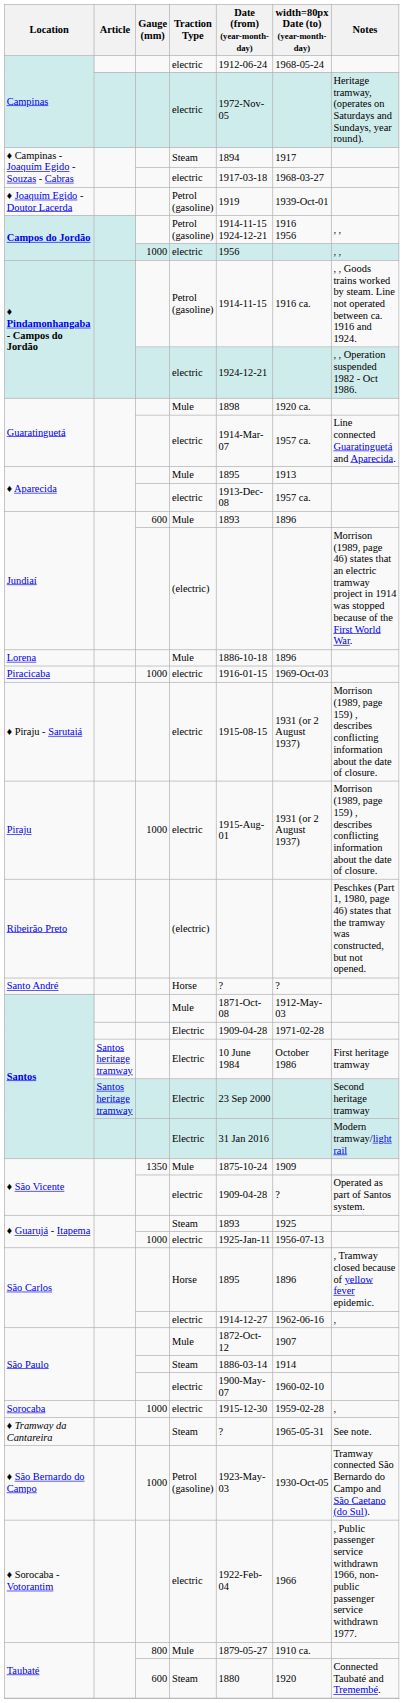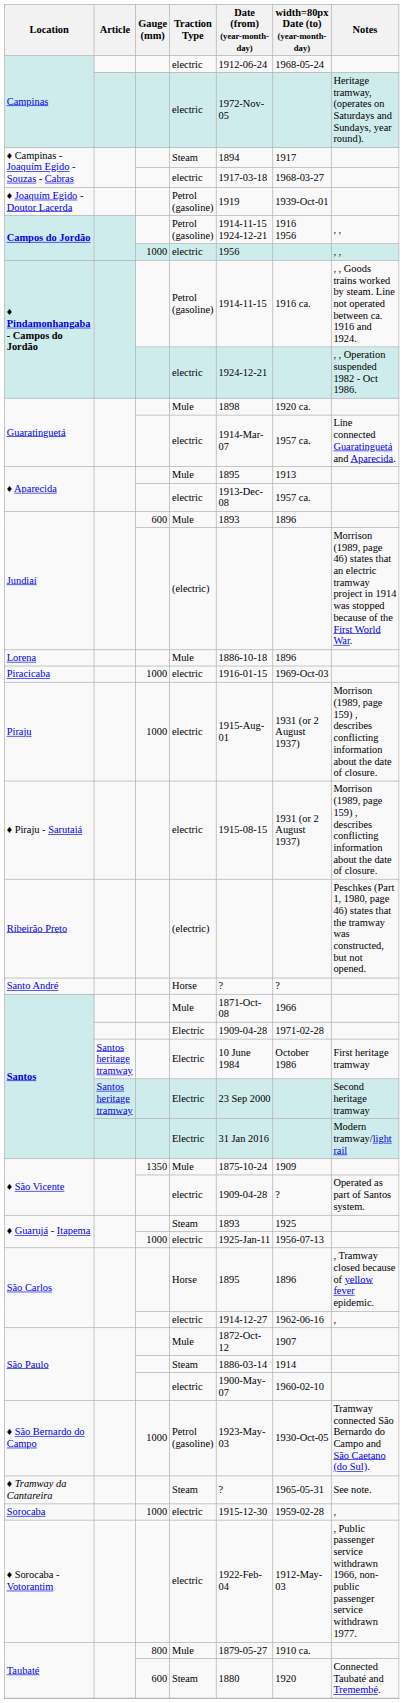 <table class="wikitable sortable">
 <tr>
 <th>Location</th>
 <th>Article</th>
 <th>Gauge<br> (mm)</th>
 <th>Traction<br>Type</th>
 <th width=80px>Date (from)<br><small>(year-month-day)</small></th>
 <th>width=80px Date (to)<br><small>(year-month-day)</small></th>
 <th>Notes</th>
 </tr>
 <tr>
 <td rowspan="2" style="background:#CFECEC"><a href='#'>Campinas</a></td>
 <td rowspan=1> </td>
 <td align=right></td>
 <td>electric</td>
 <td>1912-06-24<br></td>
 <td>1968-05-24<br></td>
 <td></td>
 </tr>
 <tr>
 <td style="background:#CFECEC"></td>
 <td style="background:#CFECEC" align=right></td>
 <td style="background:#CFECEC">electric</td>
 <td style="background:#CFECEC">1972-Nov-05</td>
 <td style="background:#CFECEC"></td>
 <td style="background:#CFECEC">Heritage tramway, (operates on Saturdays and Sundays, year round).</td>
 </tr>
 <tr>
 <td rowspan="2">♦ Campinas - <a href='#'>Joaquím Egido</a> - <a href='#'>Souzas</a> - <a href='#'>Cabras</a></td>
 <td rowspan="2"> </td>
 <td align=right></td>
 <td>Steam</td>
 <td>1894</td>
 <td>1917</td>
 <td></td>
 </tr>
 <tr>
 <td align=right></td>
 <td>electric</td>
 <td>1917-03-18</td>
 <td>1968-03-27</td>
 <td></td>
 </tr>
 <tr>
 <td>♦ <a href='#'>Joaquím Egido</a> - <a href='#'>Doutor Lacerda</a></td>
 <td> </td>
 <td align=right></td>
 <td>Petrol (gasoline)</td>
 <td>1919</td>
 <td>1939-Oct-01</td>
 <td></td>
 </tr>
 <tr>
 <td rowspan="2" style="background:#CFECEC"><strong><a href='#'>Campos do Jordão</a></strong></td>
 <td rowspan="2" style="background:#CFECEC"> </td>
 <td align=right></td>
 <td>Petrol (gasoline)</td>
 <td>1914-11-15<br>1924-12-21</td>
 <td>1916<br>1956</td>
 <td>, , </td>
 </tr>
 <tr style="background:#CFECEC">
 <td align=right>1000</td>
 <td>electric</td>
 <td>1956</td>
 <td> </td>
 <td>, , </td>
 </tr>
 <tr>
 <td rowspan="2" style="background:#CFECEC">♦ <strong><a href='#'>Pindamonhangaba</a> - Campos do Jordão</strong></td>
 <td rowspan="2" style="background:#CFECEC"> </td>
 <td align=right></td>
 <td>Petrol (gasoline)</td>
 <td>1914-11-15</td>
 <td>1916 ca.</td>
 <td>, ,  Goods trains worked by steam. Line not operated between ca. 1916 and 1924.</td>
 </tr>
 <tr style="background:#CFECEC">
 <td align=right></td>
 <td>electric</td>
 <td>1924-12-21</td>
 <td> </td>
 <td>, ,  Operation suspended 1982 - Oct 1986.</td>
 </tr>
 <tr>
 <td rowspan="2"><a href='#'>Guaratinguetá</a></td>
 <td rowspan="2"> </td>
 <td align=right></td>
 <td>Mule</td>
 <td>1898</td>
 <td>1920 ca.</td>
 <td></td>
 </tr>
 <tr>
 <td align=right></td>
 <td>electric</td>
 <td>1914-Mar-07</td>
 <td>1957 ca.</td>
 <td> Line connected <a href='#'>Guaratinguetá</a> and <a href='#'>Aparecida</a>.</td>
 </tr>
 <tr>
 <td rowspan="2">♦ <a href='#'>Aparecida</a></td>
 <td rowspan="2"> </td>
 <td align=right></td>
 <td>Mule</td>
 <td>1895</td>
 <td>1913</td>
 <td></td>
 </tr>
 <tr>
 <td align=right></td>
 <td>electric</td>
 <td>1913-Dec-08</td>
 <td>1957 ca.</td>
 <td></td>
 </tr>
 <tr>
 <td rowspan="2"><a href='#'>Jundiaí</a></td>
 <td rowspan="2"> </td>
 <td align=right>600</td>
 <td>Mule</td>
 <td>1893</td>
 <td>1896</td>
 <td></td>
 </tr>
 <tr>
 <td align=right></td>
 <td>(electric)</td>
 <td> </td>
 <td> </td>
 <td>Morrison (1989, page 46)  states that an electric tramway project in 1914 was stopped because of the <a href='#'>First World War</a>.</td>
 </tr>
 <tr>
 <td><a href='#'>Lorena</a></td>
 <td> </td>
 <td align=right></td>
 <td>Mule</td>
 <td>1886-10-18</td>
 <td>1896</td>
 <td></td>
 </tr>
 <tr>
 <td><a href='#'>Piracicaba</a></td>
 <td> </td>
 <td align=right>1000</td>
 <td>electric</td>
 <td>1916-01-15</td>
 <td>1969-Oct-03</td>
 <td></td>
 </tr>
 <tr>
+<td><a href='#'>Piraju</a></td>
+<td> </td>
+<td align=right>1000</td>
+<td>electric</td>
+<td>1915-Aug-01</td>
+<td>1931 (or 2 August 1937)</td>
+<td>Morrison (1989, page 159) ,  describes conflicting information about the date of closure.</td>
+</tr>
+<tr>
 <td>♦ Piraju - <a href='#'>Sarutaiá</a></td>
 <td> </td>
 <td align=right></td>
 <td>electric</td>
 <td>1915-08-15</td>
-<td>1931 (or 2 August 1937)</td>
-<td>Morrison (1989, page 159) ,  describes conflicting information about the date of closure.</td>
-</tr>
-<tr>
-<td><a href='#'>Piraju</a></td>
-<td> </td>
-<td align=right>1000</td>
-<td>electric</td>
-<td>1915-Aug-01</td>
 <td>1931 (or 2 August 1937)</td>
 <td>Morrison (1989, page 159) ,  describes conflicting information about the date of closure.</td>
 </tr>
 <tr>
 <td><a href='#'>Ribeirão Preto</a></td>
 <td> </td>
 <td align=right></td>
 <td>(electric)</td>
 <td> </td>
 <td> </td>
 <td>Peschkes (Part 1, 1980, page 46) states that the tramway was constructed, but not opened.</td>
 </tr>
 <tr>
 <td><a href='#'>Santo André</a></td>
 <td> </td>
 <td align=right></td>
 <td>Horse</td>
 <td>?</td>
 <td>?</td>
 <td> </td>
 </tr>
 <tr>
 <td rowspan="5" style="background:#CFECEC"><strong><a href='#'>Santos</a></strong></td>
 <td> </td>
 <td align=right></td>
 <td>Mule</td>
 <td>1871-Oct-08</td>
-<td>1912-May-03</td>
+<td>1966</td>
 <td> </td>
 </tr>
 <tr>
 <td></td>
 <td align=right></td>
 <td>Electric</td>
 <td>1909-04-28</td>
 <td>1971-02-28</td>
 <td> </td>
 </tr>
 <tr>
 <td><a href='#'>Santos heritage tramway</a></td>
 <td align=right></td>
 <td>Electric</td>
 <td>10 June 1984</td>
 <td>October 1986</td>
 <td>First heritage tramway</td>
 </tr>
 <tr style="background:#CFECEC">
 <td><a href='#'>Santos heritage tramway</a></td>
 <td align=right></td>
 <td>Electric</td>
 <td>23 Sep 2000</td>
 <td></td>
 <td>Second heritage tramway</td>
 </tr>
 <tr style="background:#CFECEC">
 <td></td>
 <td align=right></td>
 <td>Electric</td>
 <td>31 Jan 2016</td>
 <td></td>
 <td>Modern tramway/<a href='#'>light rail</a></td>
 </tr>
 <tr>
 <td rowspan="2">♦ <a href='#'>São Vicente</a></td>
 <td rowspan="2"> </td>
 <td align=right>1350</td>
 <td>Mule</td>
 <td>1875-10-24</td>
 <td>1909</td>
 <td></td>
 </tr>
 <tr>
 <td align=right></td>
 <td>electric</td>
 <td>1909-04-28</td>
 <td>?</td>
 <td> Operated as part of Santos system.</td>
 </tr>
 <tr>
 <td rowspan="2">♦ <a href='#'>Guarujá</a> - <a href='#'>Itapema</a></td>
 <td rowspan="2"> </td>
 <td align=right></td>
 <td>Steam</td>
 <td>1893</td>
 <td>1925</td>
 <td></td>
 </tr>
 <tr>
 <td align=right>1000</td>
 <td>electric</td>
 <td>1925-Jan-11</td>
 <td>1956-07-13</td>
 <td></td>
 </tr>
 <tr>
 <td rowspan="2"><a href='#'>São Carlos</a></td>
 <td rowspan="2"> </td>
 <td align=right></td>
 <td>Horse</td>
 <td>1895</td>
 <td>1896</td>
 <td>,  Tramway closed because of <a href='#'>yellow fever</a> epidemic.</td>
 </tr>
 <tr>
 <td align=right></td>
 <td>electric</td>
 <td>1914-12-27</td>
 <td>1962-06-16</td>
 <td>, </td>
 </tr>
 <tr>
 <td rowspan="3"><a href='#'>São Paulo</a></td>
 <td rowspan="3"> </td>
 <td align=right></td>
 <td>Mule</td>
 <td>1872-Oct-12</td>
 <td>1907</td>
 <td></td>
 </tr>
 <tr>
 <td align=right></td>
 <td>Steam</td>
 <td>1886-03-14</td>
 <td>1914</td>
 <td></td>
 </tr>
 <tr>
 <td align=right></td>
 <td>electric</td>
 <td>1900-May-07</td>
 <td>1960-02-10</td>
 <td></td>
 </tr>
 <tr>
-<td><a href='#'>Sorocaba</a></td>
+<td>♦ <a href='#'>São Bernardo do Campo</a></td>
 <td> </td>
 <td align=right>1000</td>
-<td>electric</td>
-<td>1915-12-30</td>
-<td>1959-02-28</td>
-<td>, </td>
+<td>Petrol (gasoline)</td>
+<td>1923-May-03</td>
+<td>1930-Oct-05</td>
+<td> Tramway connected São Bernardo do Campo and <a href='#'>São Caetano (do Sul)</a>.</td>
 </tr>
 <tr>
 <td>♦ <em>Tramway da Cantareira</em></td>
 <td> </td>
 <td align=right></td>
 <td>Steam</td>
 <td>?</td>
 <td>1965-05-31</td>
 <td> See note.</td>
 </tr>
 <tr>
-<td>♦ <a href='#'>São Bernardo do Campo</a></td>
+<td><a href='#'>Sorocaba</a></td>
 <td> </td>
 <td align=right>1000</td>
-<td>Petrol (gasoline)</td>
-<td>1923-May-03</td>
-<td>1930-Oct-05</td>
-<td> Tramway connected São Bernardo do Campo and <a href='#'>São Caetano (do Sul)</a>.</td>
+<td>electric</td>
+<td>1915-12-30</td>
+<td>1959-02-28</td>
+<td>, </td>
 </tr>
 <tr>
 <td>♦ Sorocaba - <a href='#'>Votorantim</a></td>
 <td> </td>
 <td align=right></td>
 <td>electric</td>
 <td>1922-Feb-04</td>
-<td>1966</td>
+<td>1912-May-03</td>
 <td>,  Public passenger service withdrawn 1966, non-public passenger service withdrawn 1977.</td>
 </tr>
 <tr>
 <td rowspan="2"><a href='#'>Taubaté</a></td>
 <td rowspan="2"> </td>
 <td align=right>800</td>
 <td>Mule</td>
 <td>1879-05-27</td>
 <td>1910 ca.</td>
 <td></td>
 </tr>
 <tr>
 <td align=right>600</td>
 <td>Steam</td>
 <td>1880</td>
 <td>1920</td>
 <td> Connected Taubaté and <a href='#'>Tremembé</a>.</td>
 </tr>
 <tr>
 </tr>
 </table>
